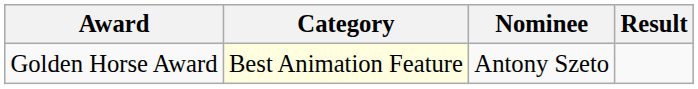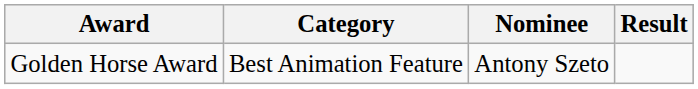 <table class="wikitable sortable">
 <tr>
 <th>Award</th>
 <th>Category</th>
 <th>Nominee</th>
 <th>Result</th>
 </tr>
 <tr>
 <td rowspan="2">Golden Horse Award</td>
-<td style="background: lightyellow;">Best Animation Feature</td>
+<td>Best Animation Feature</td>
 <td>Antony Szeto</td>
 <td></td>
 </tr>
 </table>
